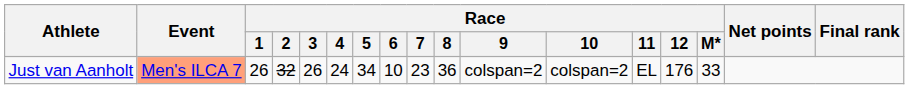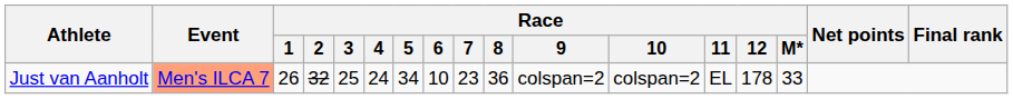 <table class="wikitable" style="font-size:90%">
 <tr>
 <th rowspan=2>Athlete</th>
 <th rowspan=2>Event</th>
 <th colspan=13>Race</th>
 <th rowspan=2>Net points</th>
 <th rowspan=2>Final rank</th>
 </tr>
 <tr style=font-size:95%>
 <th>1</th>
 <th>2</th>
 <th>3</th>
 <th>4</th>
 <th>5</th>
 <th>6</th>
 <th>7</th>
 <th>8</th>
 <th>9</th>
 <th>10</th>
 <th>11</th>
 <th>12</th>
 <th>M*</th>
 </tr>
 <tr align=center>
 <td align=left><a href='#'>Just van Aanholt</a></td>
 <td align=left style="background: lightsalmon;"><a href='#'>Men's ILCA 7</a></td>
 <td>26</td>
 <td><s>32</s></td>
-<td>26</td>
+<td>25</td>
 <td>24</td>
 <td>34</td>
 <td>10</td>
 <td>23</td>
 <td>36</td>
 <td>colspan=2 </td>
 <td>colspan=2 </td>
 <td>EL</td>
-<td>176</td>
+<td>178</td>
 <td>33</td>
 </tr>
 </table>
